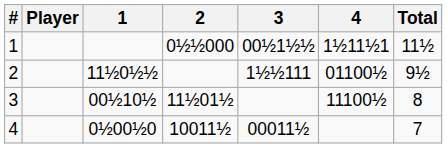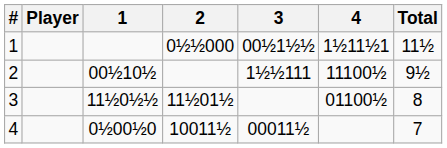 <table class="wikitable" style="text-align: center;">
 <tr>
 <th>#</th>
 <th>Player</th>
 <th>1</th>
 <th>2</th>
 <th>3</th>
 <th>4</th>
 <th>Total</th>
 </tr>
 <tr>
 <td>1</td>
 <td align=left></td>
 <td></td>
 <td>0½½000</td>
 <td>00½1½½</td>
 <td>1½11½1</td>
 <td>11½</td>
 </tr>
 <tr>
 <td>2</td>
 <td align=left></td>
-<td>11½0½½</td>
+<td>00½10½</td>
 <td></td>
 <td>1½½111</td>
-<td>01100½</td>
+<td>11100½</td>
 <td>9½</td>
 </tr>
 <tr>
 <td>3</td>
 <td align=left></td>
-<td>00½10½</td>
+<td>11½0½½</td>
 <td>11½01½</td>
 <td></td>
-<td>11100½</td>
+<td>01100½</td>
 <td>8</td>
 </tr>
 <tr>
 <td>4</td>
 <td align=left></td>
 <td>0½00½0</td>
 <td>10011½</td>
 <td>00011½</td>
 <td></td>
 <td>7</td>
 </tr>
 </table>
